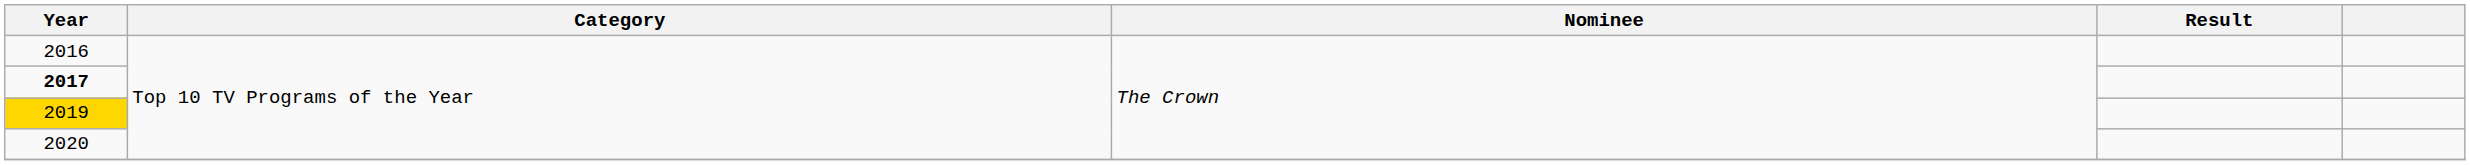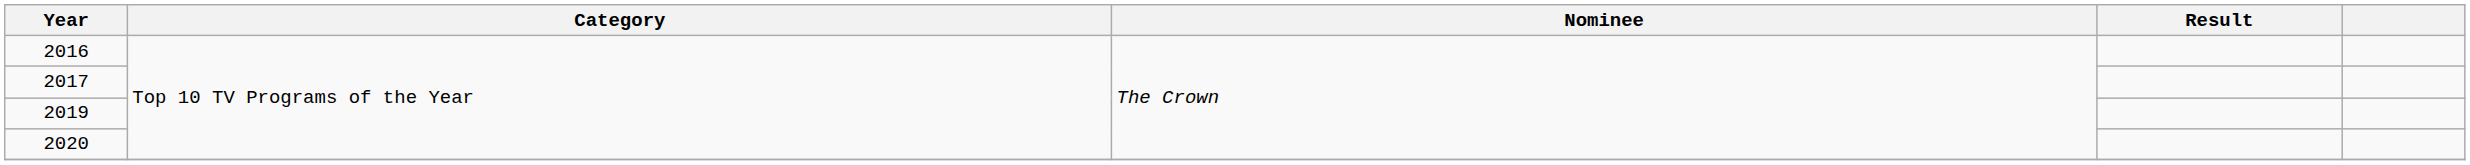 <table class="wikitable" style="width:85%;">
 <tr>
 <th width=5%>Year</th>
 <th style="width:40%;">Category</th>
 <th style="width:40%;">Nominee</th>
 <th style="width:10%;">Result</th>
 <th width=5%></th>
 </tr>
 <tr>
 <td style="text-align: center;">2016</td>
 <td rowspan="4">Top 10 TV Programs of the Year</td>
 <td rowspan="4"><em>The Crown</em></td>
 <td></td>
 <td align="center"></td>
 </tr>
 <tr>
-<td style="text-align: center;"><strong>2017</strong></td>
+<td style="text-align: center;">2017</td>
 <td></td>
 <td align="center"></td>
 </tr>
 <tr>
-<td style="background: gold; text-align: center;">2019</td>
+<td style="text-align: center;">2019</td>
 <td></td>
 <td align="center"></td>
 </tr>
 <tr>
 <td style="text-align: center;">2020</td>
 <td></td>
 <td align="center"></td>
 </tr>
 <tr>
 </tr>
 </table>
